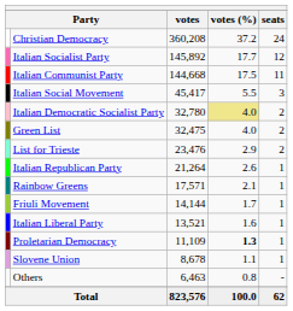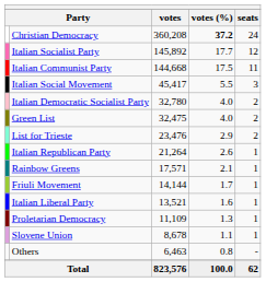 <table class="wikitable" style="font-size:95%">
 <tr>
 <th colspan=5></th>
 </tr>
 <tr>
 </tr>
 <tr bgcolor="EFEFEF">
 <th colspan=2>Party</th>
 <th>votes</th>
 <th>votes (%)</th>
 <th>seats</th>
 </tr>
 <tr>
 <td bgcolor=White></td>
 <td><a href='#'>Christian Democracy</a></td>
 <td align=right>360,208</td>
-<td align=right>37.2</td>
+<td align=right><strong>37.2</strong></td>
 <td align=right>24</td>
 </tr>
 <tr>
 <td bgcolor=Hotpink></td>
 <td><a href='#'>Italian Socialist Party</a></td>
 <td align=right>145,892</td>
 <td align=right>17.7</td>
 <td align=right>12</td>
 </tr>
 <tr>
 <td bgcolor=Red></td>
 <td><a href='#'>Italian Communist Party</a></td>
 <td align=right>144,668</td>
 <td align=right>17.5</td>
 <td align=right>11</td>
 </tr>
 <tr>
 <td bgcolor=Black></td>
 <td><a href='#'>Italian Social Movement</a></td>
 <td align=right>45,417</td>
 <td align=right>5.5</td>
 <td align=right>3</td>
 </tr>
 <tr>
 <td bgcolor=Pink></td>
 <td><a href='#'>Italian Democratic Socialist Party</a></td>
 <td align=right>32,780</td>
-<td align=right style="background: khaki;">4.0</td>
+<td align=right>4.0</td>
 <td align=right>2</td>
 </tr>
 <tr>
 <td bgcolor=Olive></td>
 <td><a href='#'>Green List</a></td>
 <td align=right>32,475</td>
 <td align=right>4.0</td>
 <td align=right>2</td>
 </tr>
 <tr>
 <td bgcolor=Aquamarine></td>
 <td><a href='#'>List for Trieste</a></td>
 <td align=right>23,476</td>
 <td align=right>2.9</td>
 <td align=right>2</td>
 </tr>
 <tr>
 <td bgcolor=Lime></td>
 <td><a href='#'>Italian Republican Party</a></td>
 <td align=right>21,264</td>
 <td align=right>2.6</td>
 <td align=right>1</td>
 </tr>
 <tr>
 <td bgcolor=Teal></td>
 <td><a href='#'>Rainbow Greens</a></td>
 <td align=right>17,571</td>
 <td align=right>2.1</td>
 <td align=right>1</td>
 </tr>
 <tr>
 <td bgcolor=Yellowgreen></td>
 <td><a href='#'>Friuli Movement</a></td>
 <td align=right>14,144</td>
 <td align=right>1.7</td>
 <td align=right>1</td>
 </tr>
 <tr>
 <td bgcolor=Blue></td>
 <td><a href='#'>Italian Liberal Party</a></td>
 <td align=right>13,521</td>
 <td align=right>1.6</td>
 <td align=right>1</td>
 </tr>
 <tr>
 <td bgcolor=Maroon></td>
 <td><a href='#'>Proletarian Democracy</a></td>
 <td align=right>11,109</td>
-<td align=right><strong>1.3</strong></td>
+<td align=right>1.3</td>
 <td align=right>1</td>
 </tr>
 <tr>
 <td bgcolor=Plum></td>
 <td><a href='#'>Slovene Union</a></td>
 <td align=right>8,678</td>
 <td align=right>1.1</td>
 <td align=right>1</td>
 </tr>
 <tr>
 <td bgcolor=></td>
 <td>Others</td>
 <td align=right>6,463</td>
 <td align=right>0.8</td>
 <td align=right>-</td>
 </tr>
 <tr>
 </tr>
 <tr bgcolor="EFEFEF">
 <th colspan=2><strong>Total</strong></th>
 <td align=right><strong>823,576</strong></td>
 <td align=right><strong>100.0</strong></td>
 <td align=right><strong>62</strong></td>
 </tr>
 </table>
